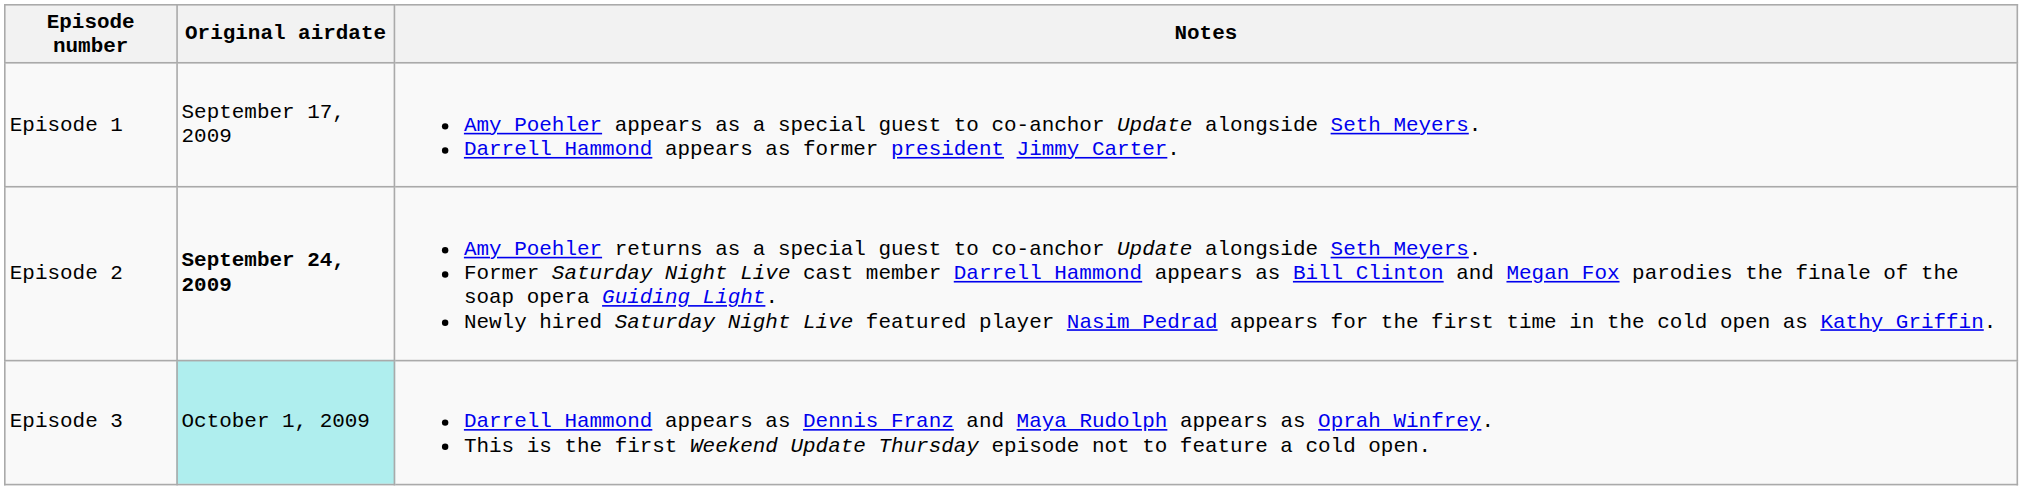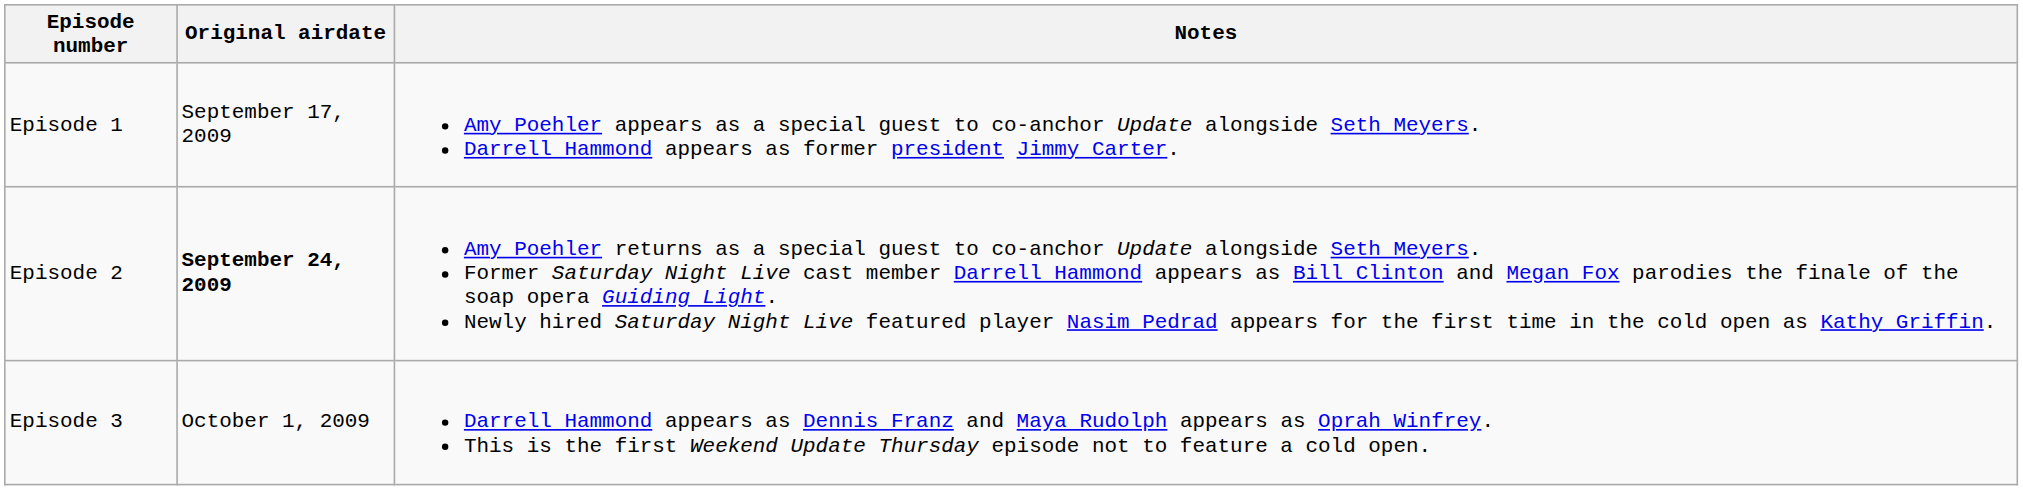 <table class="wikitable">
 <tr>
 <th>Episode number</th>
 <th>Original airdate</th>
 <th>Notes</th>
 </tr>
 <tr>
 <td> Episode 1</td>
 <td>September 17, 2009</td>
 <td><br><ul><li><a href='#'>Amy Poehler</a> appears as a special guest to co-anchor <em>Update</em> alongside <a href='#'>Seth Meyers</a>.</li><li><a href='#'>Darrell Hammond</a> appears as former <a href='#'>president</a> <a href='#'>Jimmy Carter</a>.</li></ul></td>
 </tr>
 <tr>
 <td> Episode 2</td>
 <td><strong>September 24, 2009</strong></td>
 <td><br><ul><li><a href='#'>Amy Poehler</a> returns as a special guest to co-anchor <em>Update</em> alongside <a href='#'>Seth Meyers</a>.</li><li>Former <em>Saturday Night Live</em> cast member <a href='#'>Darrell Hammond</a> appears as <a href='#'>Bill Clinton</a> and <a href='#'>Megan Fox</a> parodies the finale of the soap opera <em><a href='#'>Guiding Light</a></em>.</li><li>Newly hired <em>Saturday Night Live</em> featured player <a href='#'>Nasim Pedrad</a> appears for the first time in the cold open as <a href='#'>Kathy Griffin</a>.</li></ul></td>
 </tr>
 <tr>
 <td> Episode 3</td>
-<td style="background: paleturquoise;">October 1, 2009</td>
+<td>October 1, 2009</td>
 <td><br><ul><li><a href='#'>Darrell Hammond</a> appears as <a href='#'>Dennis Franz</a> and <a href='#'>Maya Rudolph</a> appears as <a href='#'>Oprah Winfrey</a>.</li><li>This is the first <em>Weekend Update Thursday</em> episode not to feature a cold open.</li></ul></td>
 </tr>
 </table>
